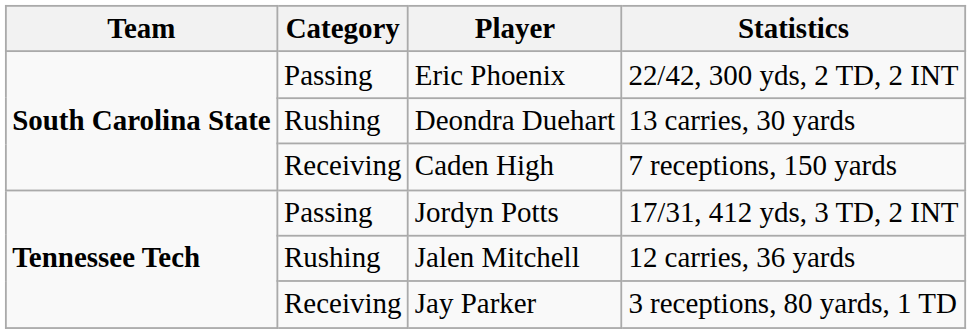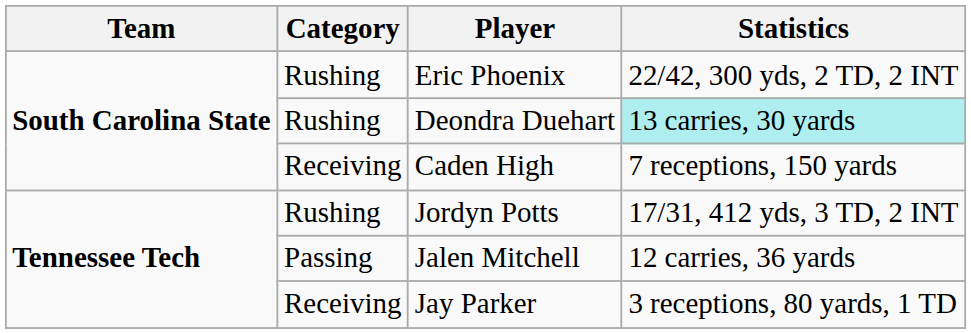 <table class="wikitable" style="float: right;">
 <tr>
 <th>Team</th>
 <th>Category</th>
 <th>Player</th>
 <th>Statistics</th>
 </tr>
 <tr>
 <td rowspan=3><strong>South Carolina State</strong></td>
-<td>Passing</td>
+<td>Rushing</td>
 <td>Eric Phoenix</td>
 <td>22/42, 300 yds, 2 TD, 2 INT</td>
 </tr>
 <tr>
 <td>Rushing</td>
 <td>Deondra Duehart</td>
-<td>13 carries, 30 yards</td>
+<td style="background: paleturquoise;">13 carries, 30 yards</td>
 </tr>
 <tr>
 <td>Receiving</td>
 <td>Caden High</td>
 <td>7 receptions, 150 yards</td>
 </tr>
 <tr>
 <td rowspan=3><strong>Tennessee Tech</strong></td>
-<td>Passing</td>
+<td>Rushing</td>
 <td>Jordyn Potts</td>
 <td>17/31, 412 yds, 3 TD, 2 INT</td>
 </tr>
 <tr>
-<td>Rushing</td>
+<td>Passing</td>
 <td>Jalen Mitchell</td>
 <td>12 carries, 36 yards</td>
 </tr>
 <tr>
 <td>Receiving</td>
 <td>Jay Parker</td>
 <td>3 receptions, 80 yards, 1 TD</td>
 </tr>
 </table>
